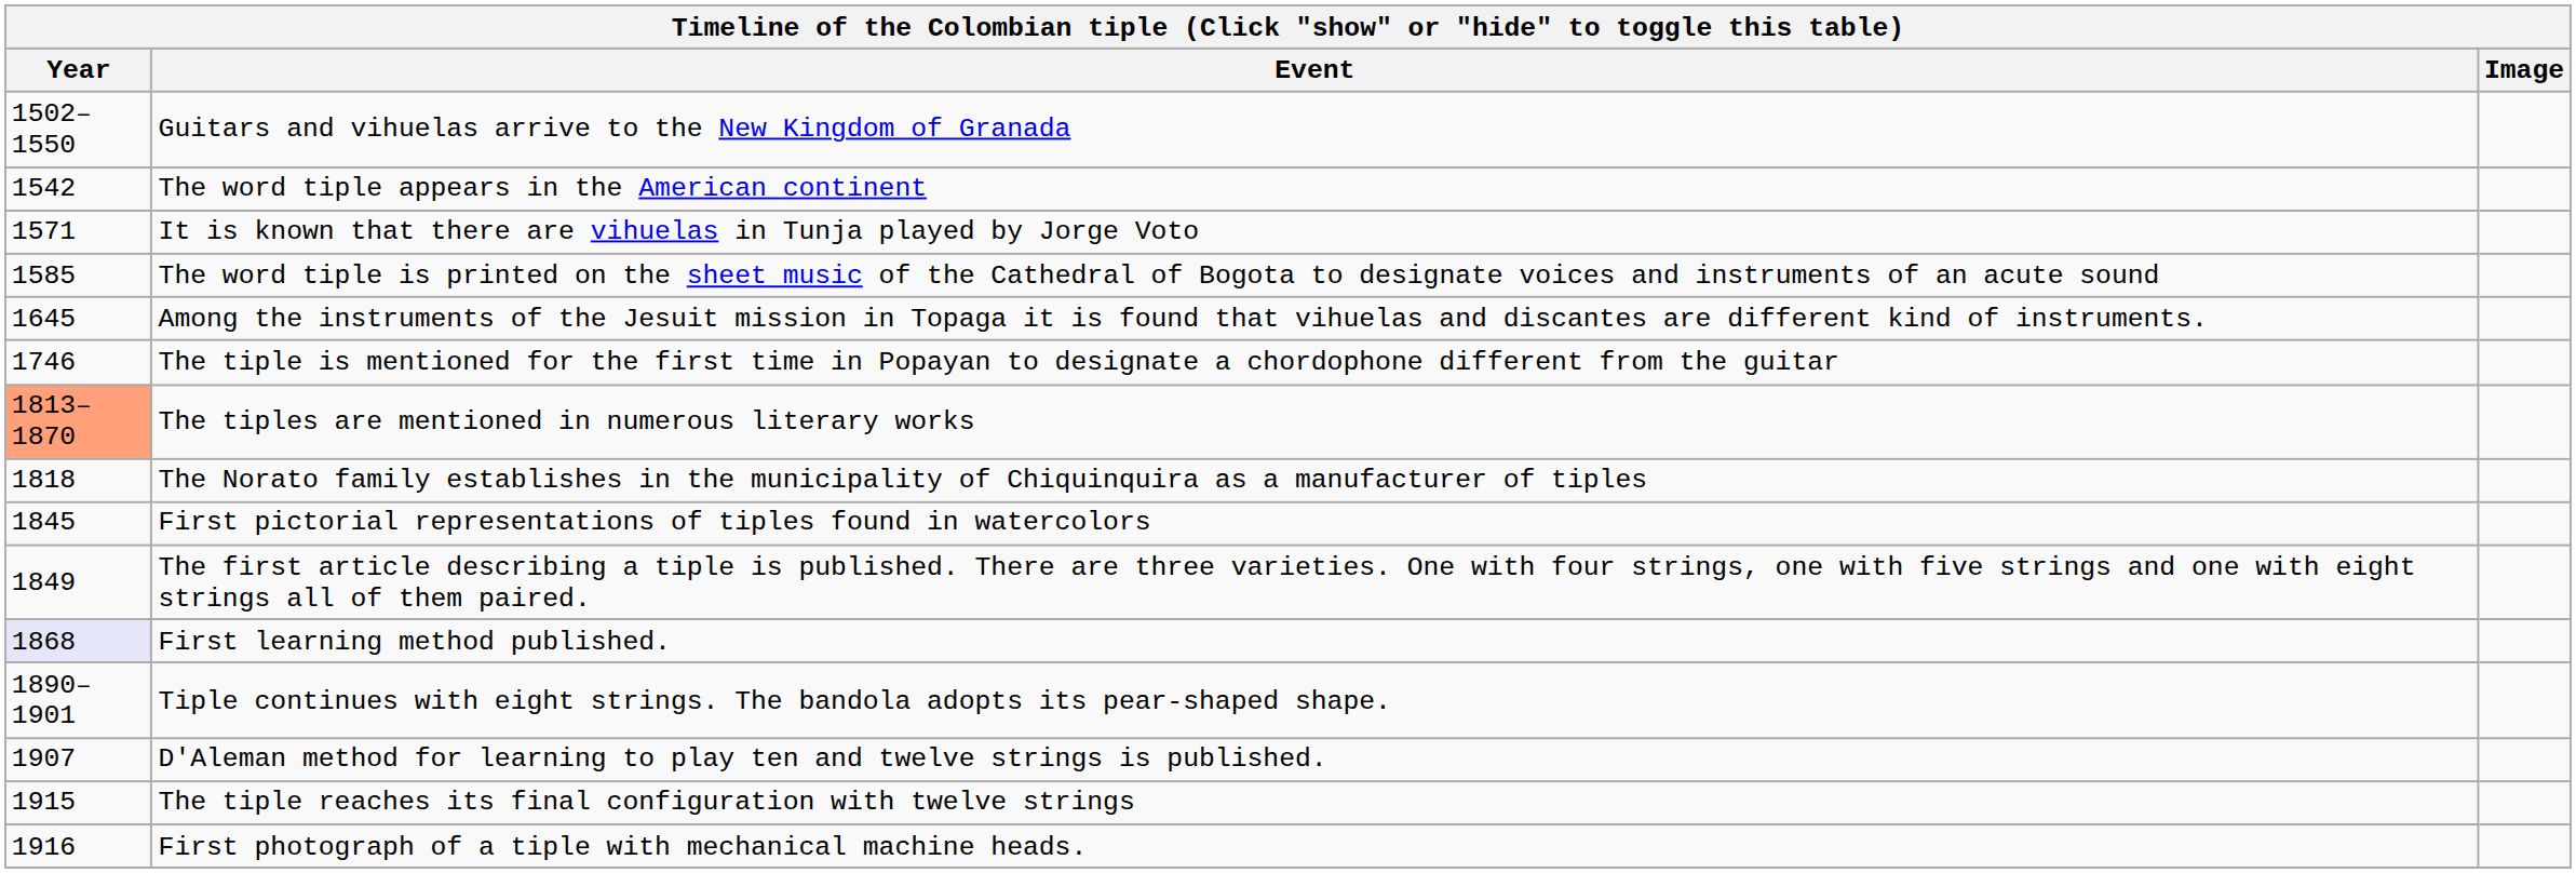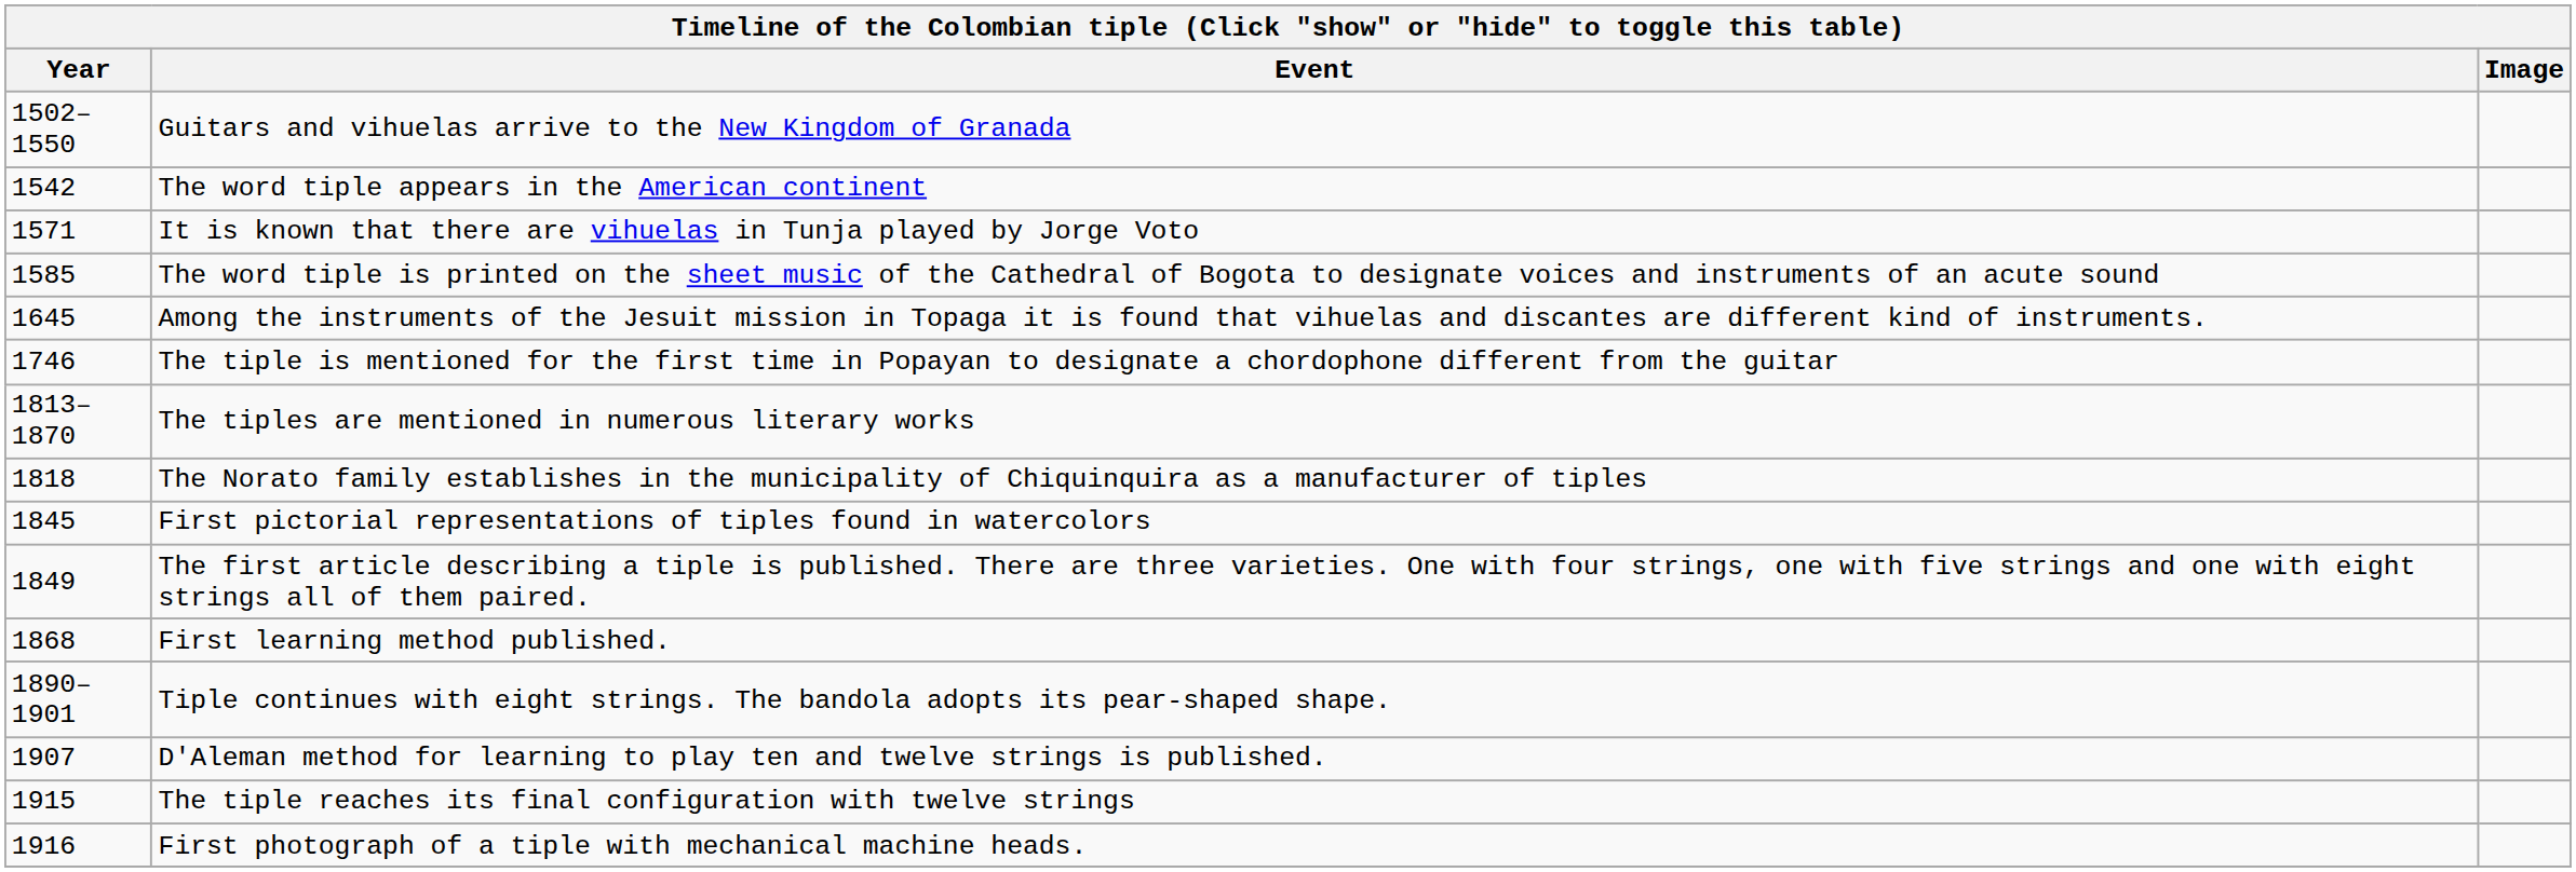 <table class="wikitable collapsible collapsed" style="font-size: 100%">
 <tr>
 <th colspan="3">Timeline of the Colombian tiple (Click "show" or "hide" to toggle this table)</th>
 </tr>
 <tr>
 <th>Year</th>
 <th>Event</th>
 <th>Image</th>
 </tr>
 <tr>
 <td>1502–1550</td>
 <td>Guitars and vihuelas arrive to the <a href='#'>New Kingdom of Granada</a></td>
 <td></td>
 </tr>
 <tr>
 <td>1542</td>
 <td>The word tiple appears in the <a href='#'>American continent</a></td>
 <td></td>
 </tr>
 <tr>
 <td>1571</td>
 <td>It is known that there are <a href='#'>vihuelas</a> in Tunja played by Jorge Voto</td>
 <td></td>
 </tr>
 <tr>
 <td>1585</td>
 <td>The word tiple is printed on the <a href='#'>sheet music</a> of the Cathedral of Bogota to designate voices and instruments of an acute sound</td>
 <td></td>
 </tr>
 <tr>
 <td>1645</td>
 <td>Among the instruments of the Jesuit mission in Topaga it is found that vihuelas and discantes are different kind of instruments.</td>
 <td></td>
 </tr>
 <tr>
 <td>1746</td>
 <td>The tiple is mentioned for the first time in Popayan to designate a chordophone different from the guitar</td>
 <td></td>
 </tr>
 <tr>
-<td style="background: lightsalmon;">1813–1870</td>
+<td>1813–1870</td>
 <td>The tiples are mentioned in numerous literary works</td>
 <td></td>
 </tr>
 <tr>
 <td>1818</td>
 <td>The Norato family establishes in the municipality of Chiquinquira as a manufacturer of tiples</td>
 <td></td>
 </tr>
 <tr>
 <td>1845</td>
 <td>First pictorial representations of tiples found in watercolors</td>
 <td></td>
 </tr>
 <tr>
 <td>1849</td>
 <td>The first article describing a tiple is published. There are three varieties. One with four strings, one with five strings and one with eight strings all of them paired.</td>
 <td></td>
 </tr>
 <tr>
-<td style="background: lavender;">1868</td>
+<td>1868</td>
 <td>First learning method published.</td>
 <td></td>
 </tr>
 <tr>
 <td>1890–1901</td>
 <td>Tiple continues with eight strings. The bandola adopts its pear-shaped shape.</td>
 <td></td>
 </tr>
 <tr>
 <td>1907</td>
 <td>D'Aleman method for learning to play ten and twelve strings is published.</td>
 <td></td>
 </tr>
 <tr>
 <td>1915</td>
 <td>The tiple reaches its final configuration with twelve strings</td>
 <td></td>
 </tr>
 <tr>
 <td>1916</td>
 <td>First photograph of a tiple with mechanical machine heads.</td>
 <td></td>
 </tr>
 <tr>
 </tr>
 </table>
